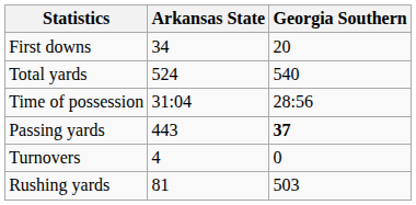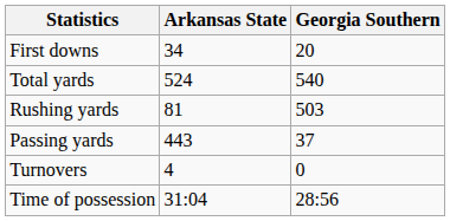 <table class="wikitable">
 <tr>
 <th>Statistics</th>
 <th>Arkansas State</th>
 <th>Georgia Southern</th>
 </tr>
 <tr>
 <td>First downs</td>
 <td>34</td>
 <td>20</td>
 </tr>
 <tr>
 <td>Total yards</td>
 <td>524</td>
 <td>540</td>
 </tr>
 <tr>
-<td>Time of possession</td>
-<td>31:04</td>
-<td>28:56</td>
+<td>Rushing yards</td>
+<td>81</td>
+<td>503</td>
 </tr>
 <tr>
 <td>Passing yards</td>
 <td>443</td>
-<td><strong>37</strong></td>
+<td>37</td>
 </tr>
 <tr>
 <td>Turnovers</td>
 <td>4</td>
 <td>0</td>
 </tr>
 <tr>
-<td>Rushing yards</td>
-<td>81</td>
-<td>503</td>
+<td>Time of possession</td>
+<td>31:04</td>
+<td>28:56</td>
 </tr>
 <tr>
 </tr>
 </table>
